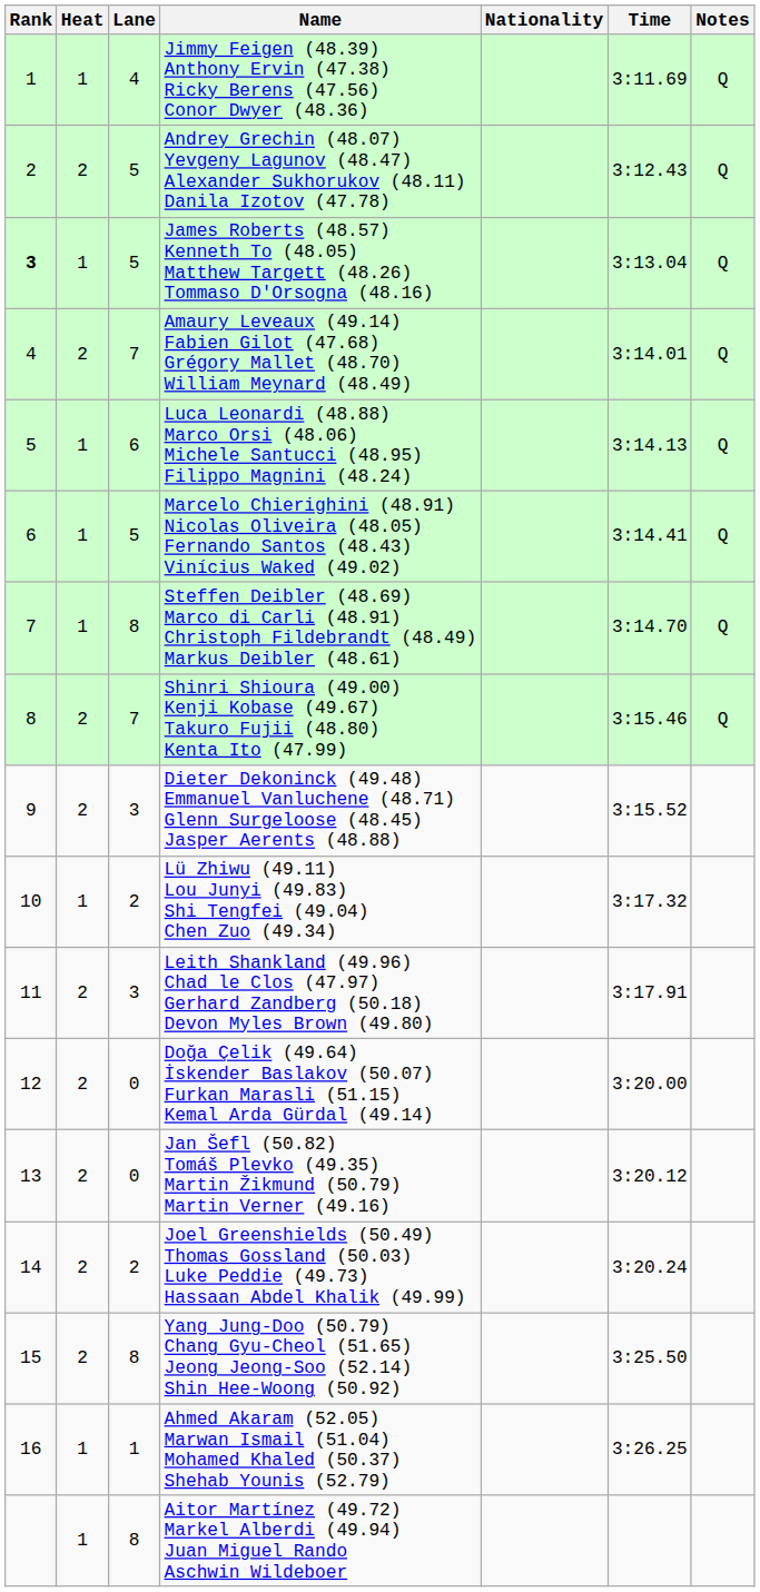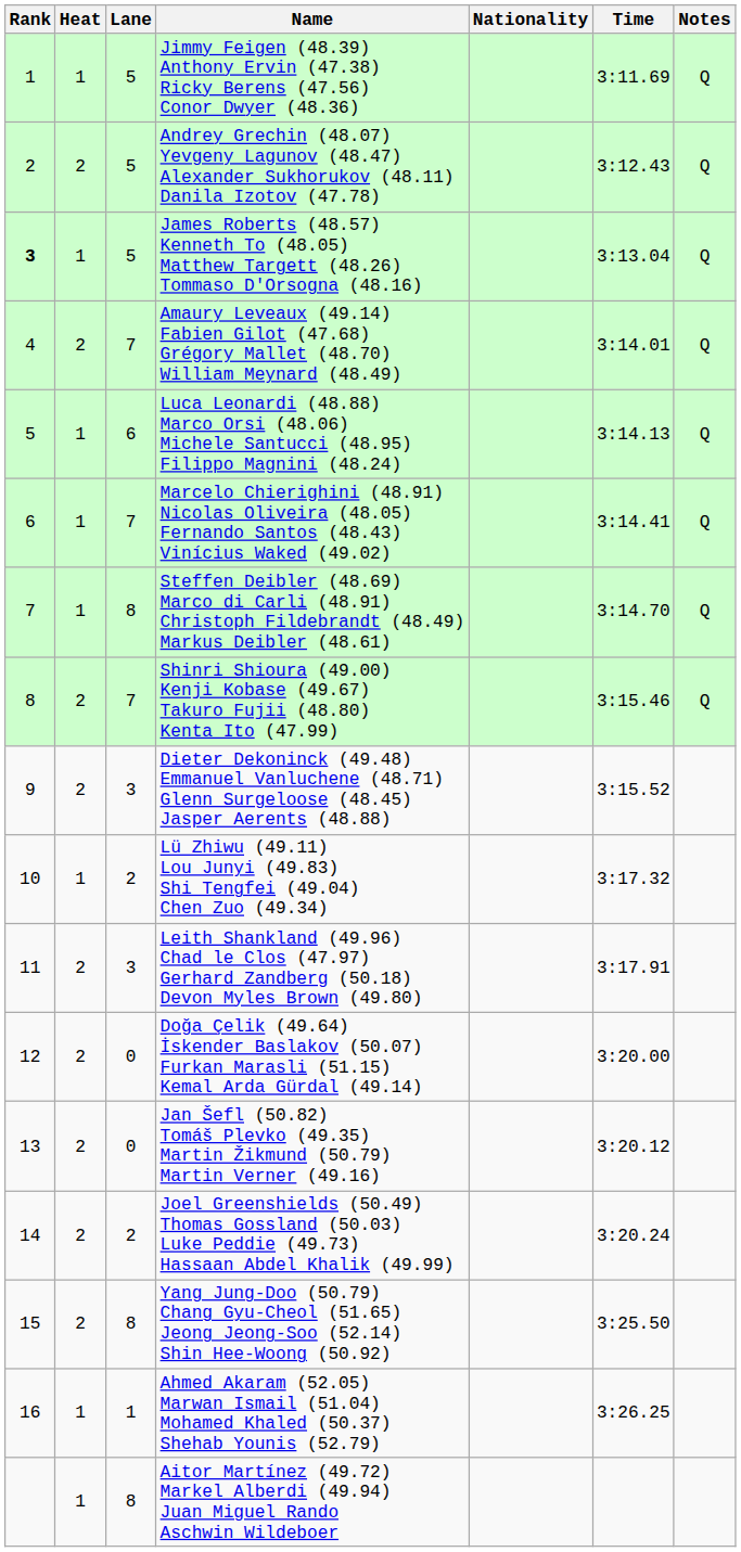 <table class="wikitable sortable" style="text-align:center">
 <tr>
 <th>Rank</th>
 <th>Heat</th>
 <th>Lane</th>
 <th>Name</th>
 <th>Nationality</th>
 <th>Time</th>
 <th>Notes</th>
 </tr>
 <tr bgcolor=ccffcc>
 <td>1</td>
 <td>1</td>
-<td>4</td>
+<td>5</td>
 <td align=left><a href='#'>Jimmy Feigen</a> (48.39) <br><a href='#'>Anthony Ervin</a> (47.38) <br><a href='#'>Ricky Berens</a> (47.56) <br><a href='#'>Conor Dwyer</a> (48.36)</td>
 <td align=left></td>
 <td>3:11.69</td>
 <td>Q</td>
 </tr>
 <tr bgcolor=ccffcc>
 <td>2</td>
 <td>2</td>
 <td>5</td>
 <td align=left><a href='#'>Andrey Grechin</a>  (48.07) <br><a href='#'>Yevgeny Lagunov</a> (48.47) <br><a href='#'>Alexander Sukhorukov</a>  (48.11) <br><a href='#'>Danila Izotov</a> (47.78)</td>
 <td align=left></td>
 <td>3:12.43</td>
 <td>Q</td>
 </tr>
 <tr bgcolor=ccffcc>
 <td><strong>3</strong></td>
 <td>1</td>
 <td>5</td>
 <td align=left><a href='#'>James Roberts</a> (48.57) <br><a href='#'>Kenneth To</a> (48.05) <br><a href='#'>Matthew Targett</a> (48.26) <br><a href='#'>Tommaso D'Orsogna</a> (48.16)</td>
 <td align=left></td>
 <td>3:13.04</td>
 <td>Q</td>
 </tr>
 <tr bgcolor=ccffcc>
 <td>4</td>
 <td>2</td>
 <td>7</td>
 <td align=left><a href='#'>Amaury Leveaux</a> (49.14) <br><a href='#'>Fabien Gilot</a> (47.68) <br><a href='#'>Grégory Mallet</a> (48.70) <br><a href='#'>William Meynard</a> (48.49)</td>
 <td align=left></td>
 <td>3:14.01</td>
 <td>Q</td>
 </tr>
 <tr bgcolor=ccffcc>
 <td>5</td>
 <td>1</td>
 <td>6</td>
 <td align=left><a href='#'>Luca Leonardi</a> (48.88) <br><a href='#'>Marco Orsi</a> (48.06) <br><a href='#'>Michele Santucci</a> (48.95) <br><a href='#'>Filippo Magnini</a> (48.24)</td>
 <td align=left></td>
 <td>3:14.13</td>
 <td>Q</td>
 </tr>
 <tr bgcolor=ccffcc>
 <td>6</td>
 <td>1</td>
-<td>5</td>
+<td>7</td>
 <td align=left><a href='#'>Marcelo Chierighini</a> (48.91) <br><a href='#'>Nicolas Oliveira</a> (48.05) <br><a href='#'>Fernando Santos</a> (48.43) <br><a href='#'>Vinícius Waked</a> (49.02)</td>
 <td align=left></td>
 <td>3:14.41</td>
 <td>Q</td>
 </tr>
 <tr bgcolor=ccffcc>
 <td>7</td>
 <td>1</td>
 <td>8</td>
 <td align=left><a href='#'>Steffen Deibler</a> (48.69) <br><a href='#'>Marco di Carli</a> (48.91) <br><a href='#'>Christoph Fildebrandt</a> (48.49) <br><a href='#'>Markus Deibler</a> (48.61)</td>
 <td align=left></td>
 <td>3:14.70</td>
 <td>Q</td>
 </tr>
 <tr bgcolor=ccffcc>
 <td>8</td>
 <td>2</td>
 <td>7</td>
 <td align=left><a href='#'>Shinri Shioura</a> (49.00) <br><a href='#'>Kenji Kobase</a> (49.67) <br><a href='#'>Takuro Fujii</a> (48.80) <br><a href='#'>Kenta Ito</a> (47.99)</td>
 <td align=left></td>
 <td>3:15.46</td>
 <td>Q</td>
 </tr>
 <tr>
 <td>9</td>
 <td>2</td>
 <td>3</td>
 <td align=left><a href='#'>Dieter Dekoninck</a> (49.48)<br><a href='#'>Emmanuel Vanluchene</a> (48.71)<br><a href='#'>Glenn Surgeloose</a> (48.45)<br><a href='#'>Jasper Aerents</a> (48.88)</td>
 <td align=left></td>
 <td>3:15.52</td>
 <td></td>
 </tr>
 <tr>
 <td>10</td>
 <td>1</td>
 <td>2</td>
 <td align=left><a href='#'>Lü Zhiwu</a> (49.11)<br><a href='#'>Lou Junyi</a> (49.83)<br><a href='#'>Shi Tengfei</a> (49.04)<br><a href='#'>Chen Zuo</a> (49.34)</td>
 <td align=left></td>
 <td>3:17.32</td>
 <td></td>
 </tr>
 <tr>
 <td>11</td>
 <td>2</td>
 <td>3</td>
 <td align=left><a href='#'>Leith Shankland</a> (49.96)<br><a href='#'>Chad le Clos</a> (47.97)<br><a href='#'>Gerhard Zandberg</a> (50.18)<br><a href='#'>Devon Myles Brown</a> (49.80)</td>
 <td align=left></td>
 <td>3:17.91</td>
 <td></td>
 </tr>
 <tr>
 <td>12</td>
 <td>2</td>
 <td>0</td>
 <td align=left><a href='#'>Doğa Çelik</a> (49.64)<br><a href='#'>İskender Baslakov</a> (50.07)<br><a href='#'>Furkan Marasli</a> (51.15)<br><a href='#'>Kemal Arda Gürdal</a> (49.14)</td>
 <td align=left></td>
 <td>3:20.00</td>
 <td></td>
 </tr>
 <tr>
 <td>13</td>
 <td>2</td>
 <td>0</td>
 <td align=left><a href='#'>Jan Šefl</a> (50.82)<br><a href='#'>Tomáš Plevko</a> (49.35)<br><a href='#'>Martin Žikmund</a> (50.79)<br><a href='#'>Martin Verner</a> (49.16)</td>
 <td align=left></td>
 <td>3:20.12</td>
 <td></td>
 </tr>
 <tr>
 <td>14</td>
 <td>2</td>
 <td>2</td>
 <td align=left><a href='#'>Joel Greenshields</a> (50.49)<br><a href='#'>Thomas Gossland</a> (50.03)<br><a href='#'>Luke Peddie</a> (49.73)<br><a href='#'>Hassaan Abdel Khalik</a> (49.99)</td>
 <td align=left></td>
 <td>3:20.24</td>
 <td></td>
 </tr>
 <tr>
 <td>15</td>
 <td>2</td>
 <td>8</td>
 <td align=left><a href='#'>Yang Jung-Doo</a> (50.79)<br><a href='#'>Chang Gyu-Cheol</a> (51.65)<br><a href='#'>Jeong Jeong-Soo</a> (52.14)<br><a href='#'>Shin Hee-Woong</a> (50.92)</td>
 <td align=left></td>
 <td>3:25.50</td>
 <td></td>
 </tr>
 <tr>
 <td>16</td>
 <td>1</td>
 <td>1</td>
 <td align=left><a href='#'>Ahmed Akaram</a> (52.05)<br><a href='#'>Marwan Ismail</a> (51.04)<br><a href='#'>Mohamed Khaled</a> (50.37)<br><a href='#'>Shehab Younis</a> (52.79)</td>
 <td align=left></td>
 <td>3:26.25</td>
 <td></td>
 </tr>
 <tr>
 <td></td>
 <td>1</td>
 <td>8</td>
 <td align=left><a href='#'>Aitor Martínez</a> (49.72)<br><a href='#'>Markel Alberdi</a> (49.94)<br><a href='#'>Juan Miguel Rando</a><br><a href='#'>Aschwin Wildeboer</a></td>
 <td align=left></td>
 <td></td>
 <td></td>
 </tr>
 </table>
